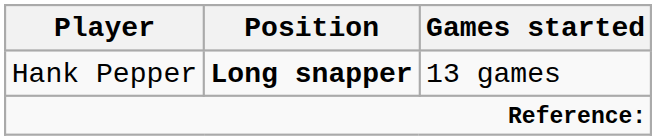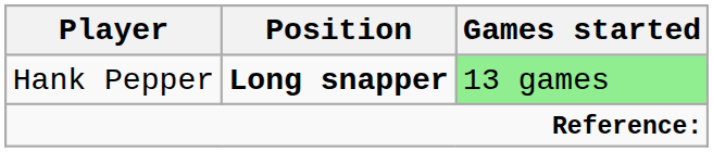 <table class="wikitable">
 <tr>
 <th style="text-align:center; ">Player</th>
 <th style="text-align:center; ">Position</th>
 <th style="text-align:center; ">Games started</th>
 </tr>
 <tr>
 <td>Hank Pepper</td>
 <td><strong>Long snapper</strong></td>
-<td>13 games</td>
+<td style="background: lightgreen;">13 games</td>
 </tr>
 <tr>
 <td colspan="4"  style="font-size:8pt; text-align:right;"><strong>Reference:</strong></td>
 </tr>
 </table>
